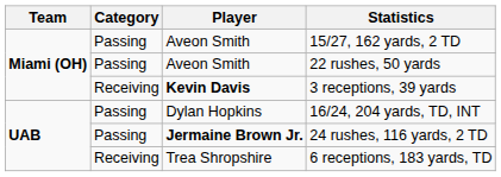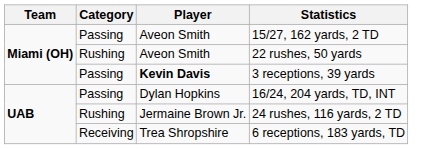 <table class="wikitable" style="float: left;">
 <tr>
 <th>Team</th>
 <th>Category</th>
 <th>Player</th>
 <th>Statistics</th>
 </tr>
 <tr>
 <td rowspan=3><strong>Miami (OH)</strong></td>
 <td>Passing</td>
 <td>Aveon Smith</td>
 <td>15/27, 162 yards, 2 TD</td>
 </tr>
 <tr>
-<td>Passing</td>
+<td>Rushing</td>
 <td>Aveon Smith</td>
 <td>22 rushes, 50 yards</td>
 </tr>
 <tr>
-<td>Receiving</td>
+<td>Passing</td>
 <td><strong>Kevin Davis</strong></td>
 <td>3 receptions, 39 yards</td>
 </tr>
 <tr>
 <td rowspan=3><strong>UAB</strong></td>
 <td>Passing</td>
 <td>Dylan Hopkins</td>
 <td>16/24, 204 yards, TD, INT</td>
 </tr>
 <tr>
-<td>Passing</td>
-<td><strong>Jermaine Brown Jr.</strong></td>
+<td>Rushing</td>
+<td>Jermaine Brown Jr.</td>
 <td>24 rushes, 116 yards, 2 TD</td>
 </tr>
 <tr>
 <td>Receiving</td>
 <td>Trea Shropshire</td>
 <td>6 receptions, 183 yards, TD</td>
 </tr>
 </table>
